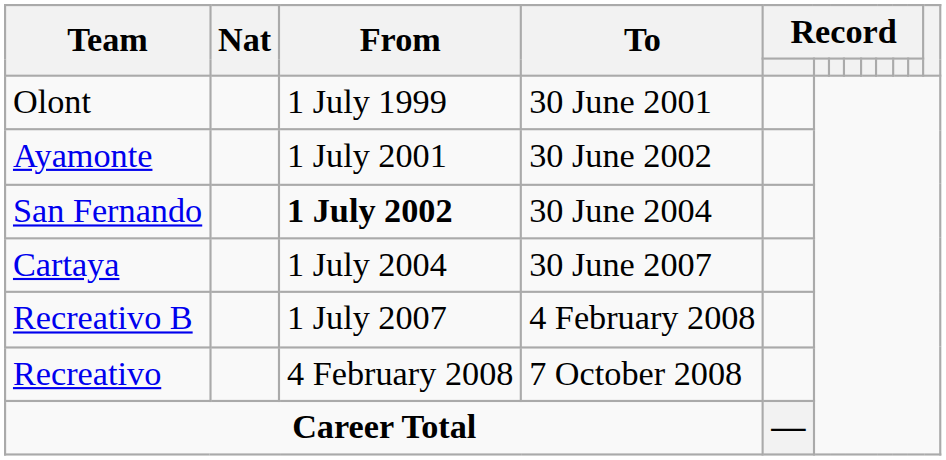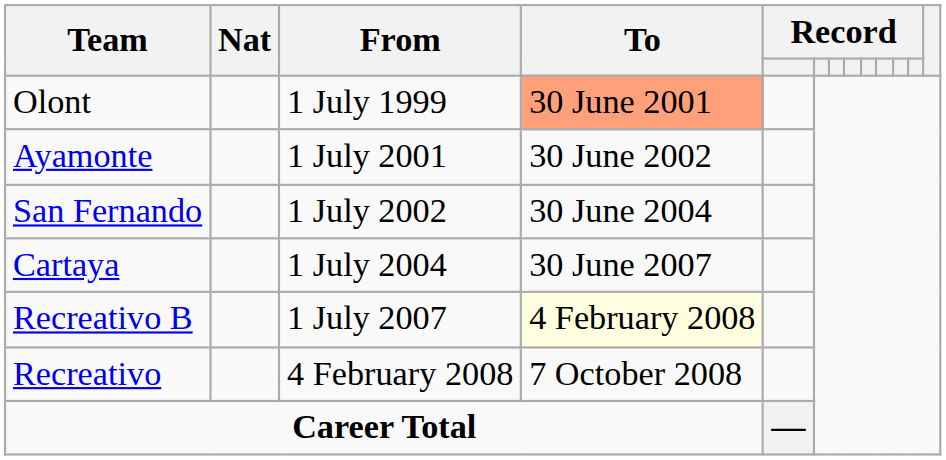 <table class="wikitable" style="text-align: center">
 <tr>
 <th rowspan="2">Team</th>
 <th rowspan="2">Nat</th>
 <th rowspan="2">From</th>
 <th rowspan="2">To</th>
 <th colspan="8">Record</th>
 <th rowspan=2></th>
 </tr>
 <tr>
 <th></th>
 <th></th>
 <th></th>
 <th></th>
 <th></th>
 <th></th>
 <th></th>
 <th></th>
 </tr>
 <tr>
 <td align="left">Olont</td>
 <td></td>
 <td align=left>1 July 1999</td>
-<td align=left>30 June 2001<br></td>
+<td align=left style="background: lightsalmon;">30 June 2001<br></td>
 <td></td>
 </tr>
 <tr>
 <td align="left"><a href='#'>Ayamonte</a></td>
 <td></td>
 <td align=left>1 July 2001</td>
 <td align=left>30 June 2002<br></td>
 <td></td>
 </tr>
 <tr>
 <td align="left"><a href='#'>San Fernando</a></td>
 <td></td>
-<td align=left><strong>1 July 2002</strong></td>
+<td align=left>1 July 2002</td>
 <td align=left>30 June 2004<br></td>
 <td></td>
 </tr>
 <tr>
 <td align="left"><a href='#'>Cartaya</a></td>
 <td></td>
 <td align=left>1 July 2004</td>
 <td align=left>30 June 2007<br></td>
 <td></td>
 </tr>
 <tr>
 <td align="left"><a href='#'>Recreativo B</a></td>
 <td></td>
 <td align=left>1 July 2007</td>
-<td align=left>4 February 2008<br></td>
+<td align=left style="background: lightyellow;">4 February 2008<br></td>
 <td></td>
 </tr>
 <tr>
 <td align="left"><a href='#'>Recreativo</a></td>
 <td></td>
 <td align=left>4 February 2008</td>
 <td align=left>7 October 2008<br></td>
 <td></td>
 </tr>
 <tr>
 <td colspan=4><strong>Career Total</strong><br></td>
 <th>—</th>
 </tr>
 </table>
